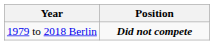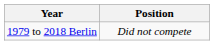 <table class="wikitable" style="text-align: center;">
 <tr>
 <th>Year</th>
 <th width="150">Position</th>
 </tr>
 <tr>
 <td style="text-align: middle;"><a href='#'>1979</a> to <a href='#'>2018 Berlin</a></td>
-<td><strong><em>Did not compete</em></strong></td>
+<td><em>Did not compete</em></td>
 </tr>
 </table>
